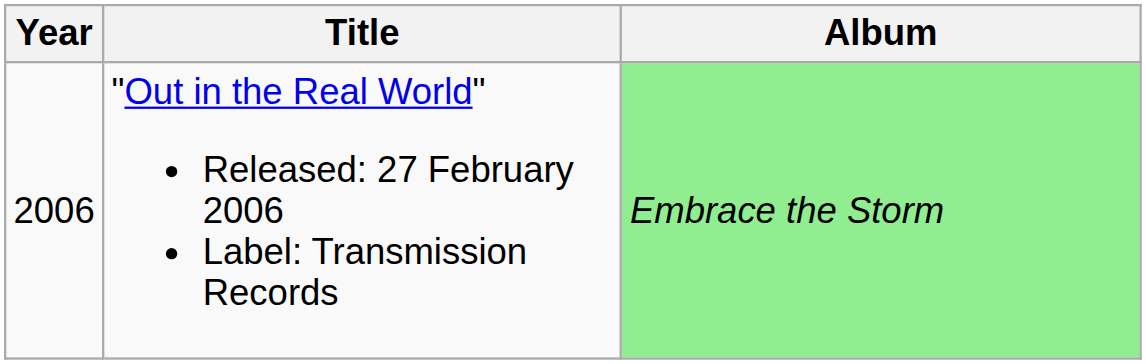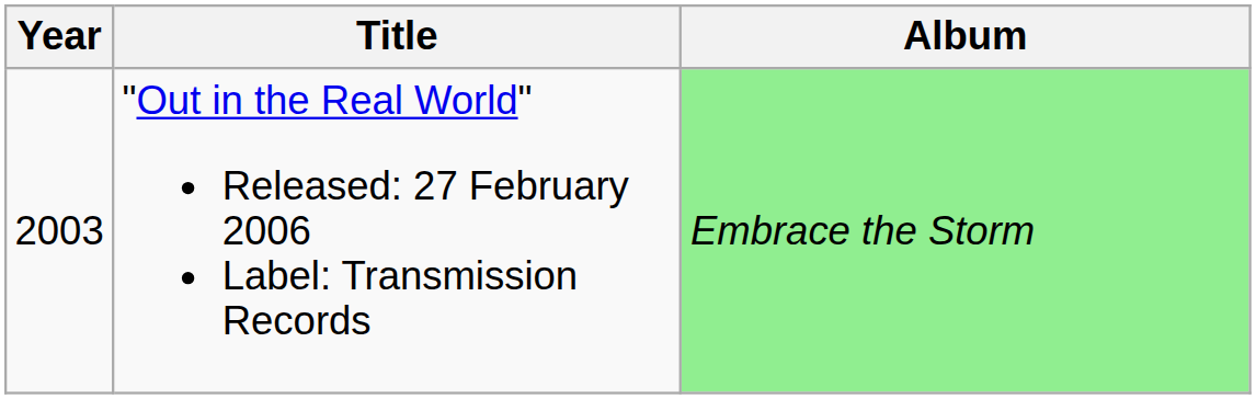 <table class="wikitable">
 <tr>
 <th>Year</th>
 <th style="width:220px;">Title</th>
 <th style="width:220px;">Album</th>
 </tr>
 <tr>
-<td>2006</td>
+<td>2003</td>
 <td>"<a href='#'>Out in the Real World</a>"<br><ul><li>Released: 27 February 2006</li><li>Label: Transmission Records</li></ul></td>
 <td style="background: lightgreen;"><em>Embrace the Storm</em></td>
 </tr>
 </table>
